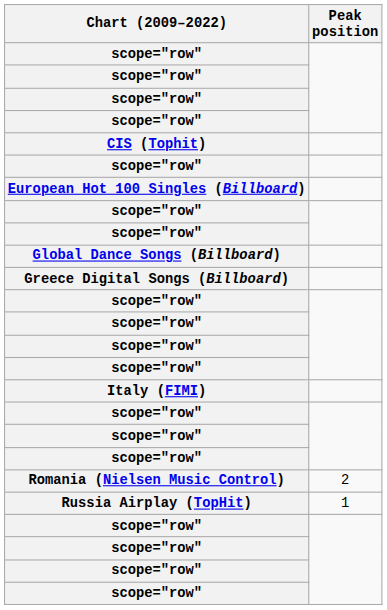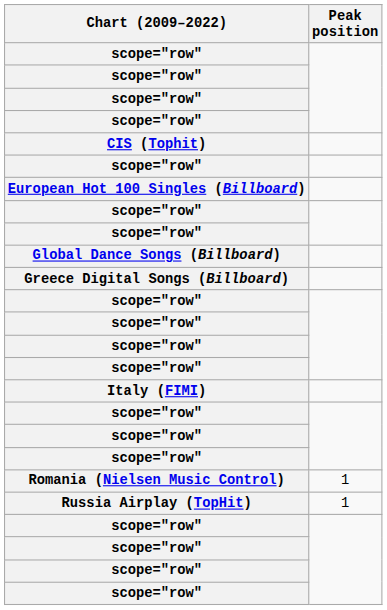 <table class="wikitable sortable plainrowheaders">
 <tr>
 <th>Chart (2009–2022)</th>
 <th>Peak<br>position</th>
 </tr>
 <tr>
 <th>scope="row"</th>
 </tr>
 <tr>
 <th>scope="row"</th>
 </tr>
 <tr>
 <th>scope="row"</th>
 </tr>
 <tr>
 <th>scope="row"</th>
 </tr>
 <tr>
 <th scope="row"><a href='#'>CIS</a> (<a href='#'>Tophit</a>)</th>
 <td></td>
 </tr>
 <tr>
 <th>scope="row"</th>
 </tr>
 <tr>
 <th scope="row"><a href='#'>European Hot 100 Singles</a> (<em><a href='#'>Billboard</a></em>)</th>
 <td></td>
 </tr>
 <tr>
 <th>scope="row"</th>
 </tr>
 <tr>
 <th>scope="row"</th>
 </tr>
 <tr>
 <th scope="row"><a href='#'>Global Dance Songs</a> (<em>Billboard</em>)</th>
 <td></td>
 </tr>
 <tr>
 <th scope="row">Greece Digital Songs (<em>Billboard</em>)</th>
 <td></td>
 </tr>
 <tr>
 <th>scope="row"</th>
 </tr>
 <tr>
 <th>scope="row"</th>
 </tr>
 <tr>
 <th>scope="row"</th>
 </tr>
 <tr>
 <th>scope="row"</th>
 </tr>
 <tr>
 <th scope="row">Italy (<a href='#'>FIMI</a>)</th>
 <td></td>
 </tr>
 <tr>
 <th>scope="row"</th>
 </tr>
 <tr>
 <th>scope="row"</th>
 </tr>
 <tr>
 <th>scope="row"</th>
 </tr>
 <tr>
 <th scope="row">Romania (<a href='#'>Nielsen Music Control</a>)</th>
-<td style="text-align:center;">2</td>
+<td style="text-align:center;">1</td>
 </tr>
 <tr>
 <th scope="row">Russia Airplay (<a href='#'>TopHit</a>)</th>
 <td style="text-align:center;">1</td>
 </tr>
 <tr>
 <th>scope="row"</th>
 </tr>
 <tr>
 <th>scope="row"</th>
 </tr>
 <tr>
 <th>scope="row"</th>
 </tr>
 <tr>
 <th>scope="row"</th>
 </tr>
 </table>
